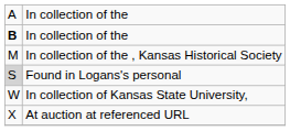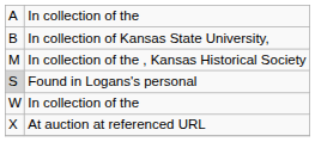 <table class="wikitable" style="max-width: 720px">
 <tr>
 <td>A</td>
 <td>In collection of the </td>
 </tr>
 <tr>
-<td><strong>B</strong></td>
-<td>In collection of the </td>
+<td>B</td>
+<td>In collection of Kansas State University, </td>
 </tr>
 <tr>
 <td>M</td>
 <td>In collection of the , Kansas Historical Society</td>
 </tr>
 <tr>
 <td style="background: lightgrey;">S</td>
 <td>Found in Logans's personal </td>
 </tr>
 <tr>
 <td>W</td>
-<td>In collection of Kansas State University, </td>
+<td>In collection of the </td>
 </tr>
 <tr>
 <td>X</td>
 <td>At auction at referenced URL</td>
 </tr>
 <tr>
 </tr>
 </table>
